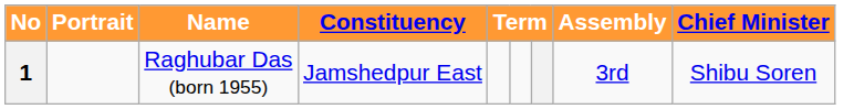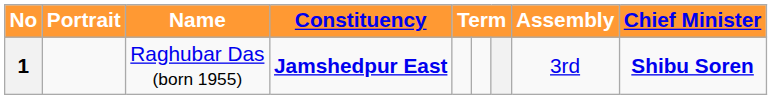 <table class="wikitable">
 <tr>
 <th style="background-color:#FF9933; color:white">No</th>
 <th style="background-color:#FF9933; color:white">Portrait</th>
 <th style="background-color:#FF9933; color:white">Name</th>
 <th style="background-color:#FF9933; color:white"><a href='#'>Constituency</a></th>
 <th colspan="3" style="background-color:#FF9933; color:white">Term</th>
 <th style="background-color:#FF9933; color:white">Assembly</th>
 <th style="background-color:#FF9933; color:white"><a href='#'>Chief Minister</a></th>
 </tr>
 <tr style="text-align:center;">
 <th>1</th>
 <td></td>
 <td><a href='#'>Raghubar Das</a><br><small>(born 1955)</small></td>
-<td><a href='#'>Jamshedpur East</a></td>
+<td><strong><a href='#'>Jamshedpur East</a></strong></td>
 <td></td>
 <td></td>
 <th></th>
 <td><a href='#'>3rd</a></td>
-<td><a href='#'>Shibu Soren</a></td>
+<td><strong><a href='#'>Shibu Soren</a></strong></td>
 </tr>
 </table>
